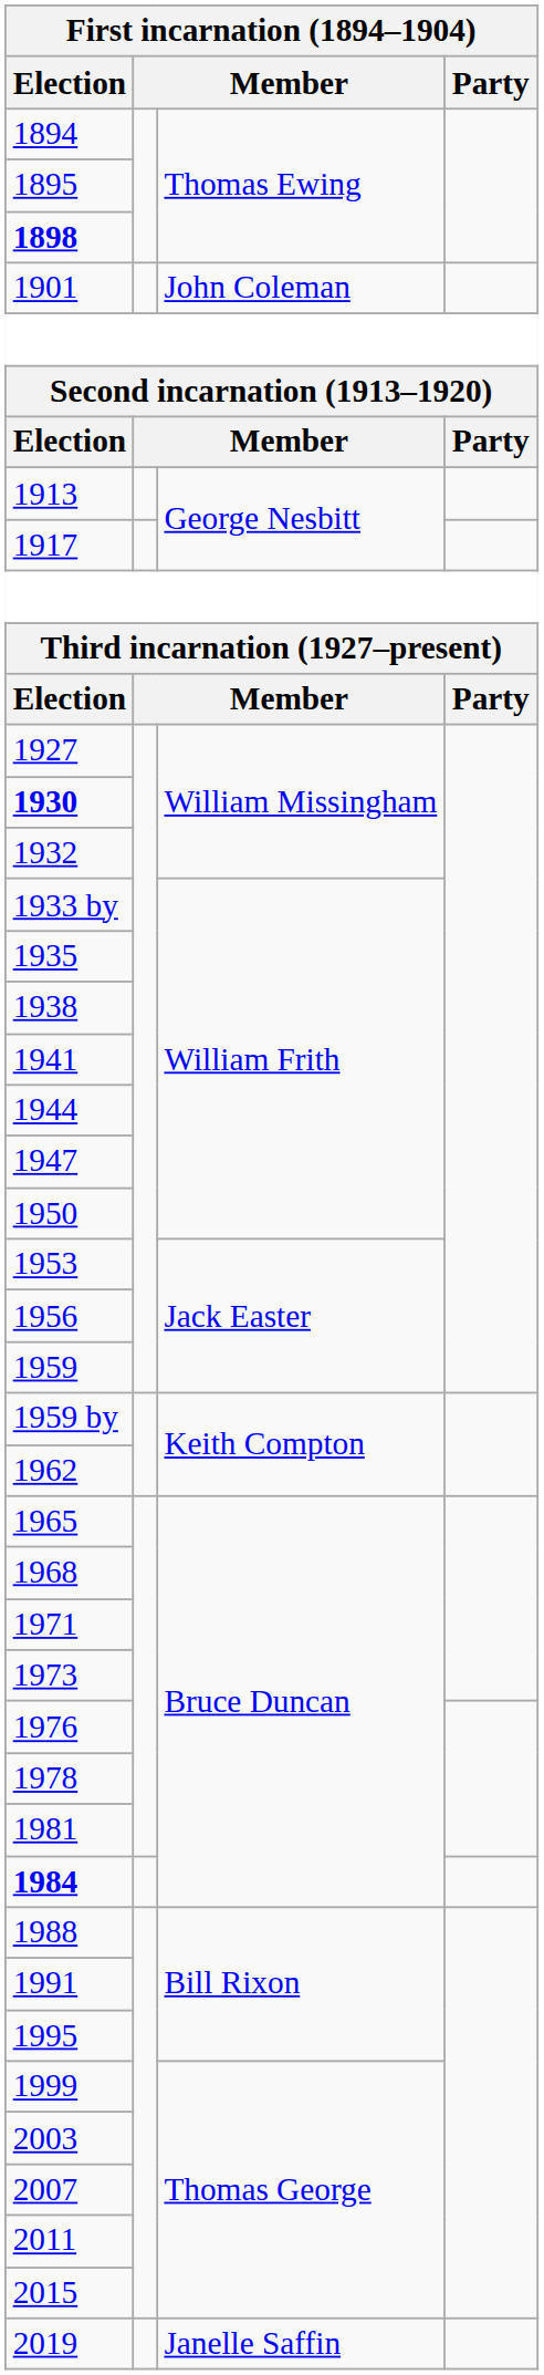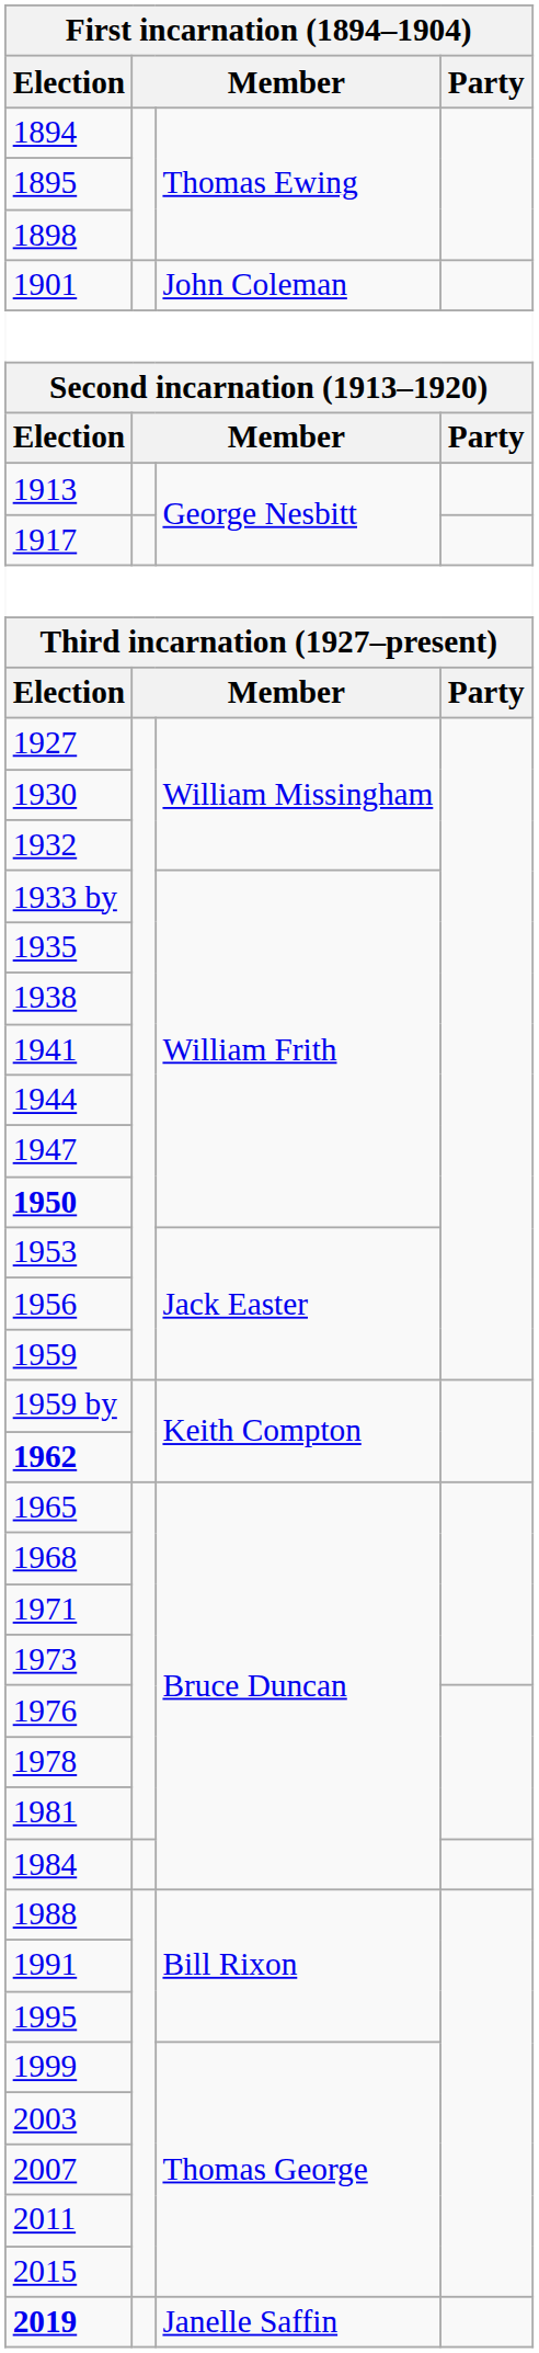 <table class="wikitable" style='border-style: none none none none;'>
 <tr>
 <th colspan="7">First incarnation (1894–1904)</th>
 </tr>
 <tr>
 <th>Election</th>
 <th colspan="2">Member</th>
 <th>Party</th>
 </tr>
 <tr style="background: #f9f9f9">
 <td><a href='#'>1894</a></td>
 <td rowspan="3" > </td>
 <td rowspan="3"><a href='#'>Thomas Ewing</a></td>
 <td rowspan="3"></td>
 </tr>
 <tr style="background: #f9f9f9">
 <td><a href='#'>1895</a></td>
 </tr>
 <tr style="background: #f9f9f9">
-<td><strong><a href='#'>1898</a></strong></td>
+<td><a href='#'>1898</a></td>
 </tr>
 <tr style="background: #f9f9f9">
 <td><a href='#'>1901</a></td>
 <td> </td>
 <td><a href='#'>John Coleman</a></td>
 <td></td>
 </tr>
 <tr>
 <td colspan="4" style='background: #FFFFFF; border-style: none none none none;'> </td>
 </tr>
 <tr>
 <th colspan="4">Second incarnation (1913–1920)</th>
 </tr>
 <tr style="background: #f9f9f9">
 <th>Election</th>
 <th colspan="2">Member</th>
 <th>Party</th>
 </tr>
 <tr style="background: #f9f9f9">
 <td><a href='#'>1913</a></td>
 <td> </td>
 <td rowspan="2"><a href='#'>George Nesbitt</a></td>
 <td></td>
 </tr>
 <tr style="background: #f9f9f9">
 <td><a href='#'>1917</a></td>
 <td> </td>
 <td></td>
 </tr>
 <tr>
 <td colspan="4" style='background: #FFFFFF; border-style: none none none none;'> </td>
 </tr>
 <tr>
 <th colspan="4">Third incarnation (1927–present)</th>
 </tr>
 <tr style="background: #f9f9f9">
 <th>Election</th>
 <th colspan="2">Member</th>
 <th>Party</th>
 </tr>
 <tr style="background: #f9f9f9">
 <td><a href='#'>1927</a></td>
 <td rowspan="13" > </td>
 <td rowspan="3"><a href='#'>William Missingham</a></td>
 <td rowspan="13"></td>
 </tr>
 <tr style="background: #f9f9f9">
-<td><strong><a href='#'>1930</a></strong></td>
+<td><a href='#'>1930</a></td>
 </tr>
 <tr style="background: #f9f9f9">
 <td><a href='#'>1932</a></td>
 </tr>
 <tr style="background: #f9f9f9">
 <td><a href='#'>1933 by</a></td>
 <td rowspan="7"><a href='#'>William Frith</a></td>
 </tr>
 <tr style="background: #f9f9f9">
 <td><a href='#'>1935</a></td>
 </tr>
 <tr style="background: #f9f9f9">
 <td><a href='#'>1938</a></td>
 </tr>
 <tr style="background: #f9f9f9">
 <td><a href='#'>1941</a></td>
 </tr>
 <tr style="background: #f9f9f9">
 <td><a href='#'>1944</a></td>
 </tr>
 <tr style="background: #f9f9f9">
 <td><a href='#'>1947</a></td>
 </tr>
 <tr style="background: #f9f9f9">
-<td><a href='#'>1950</a></td>
+<td><strong><a href='#'>1950</a></strong></td>
 </tr>
 <tr style="background: #f9f9f9">
 <td><a href='#'>1953</a></td>
 <td rowspan="3"><a href='#'>Jack Easter</a></td>
 </tr>
 <tr style="background: #f9f9f9">
 <td><a href='#'>1956</a></td>
 </tr>
 <tr style="background: #f9f9f9">
 <td><a href='#'>1959</a></td>
 </tr>
 <tr style="background: #f9f9f9">
 <td><a href='#'>1959 by</a></td>
 <td rowspan="2" > </td>
 <td rowspan="2"><a href='#'>Keith Compton</a></td>
 <td rowspan="2"></td>
 </tr>
 <tr style="background: #f9f9f9">
-<td><a href='#'>1962</a></td>
+<td><strong><a href='#'>1962</a></strong></td>
 </tr>
 <tr style="background: #f9f9f9">
 <td><a href='#'>1965</a></td>
 <td rowspan="7" > </td>
 <td rowspan="8"><a href='#'>Bruce Duncan</a></td>
 <td rowspan="4"></td>
 </tr>
 <tr style="background: #f9f9f9">
 <td><a href='#'>1968</a></td>
 </tr>
 <tr style="background: #f9f9f9">
 <td><a href='#'>1971</a></td>
 </tr>
 <tr style="background: #f9f9f9">
 <td><a href='#'>1973</a></td>
 </tr>
 <tr style="background: #f9f9f9">
 <td><a href='#'>1976</a></td>
 <td rowspan="3"></td>
 </tr>
 <tr style="background: #f9f9f9">
 <td><a href='#'>1978</a></td>
 </tr>
 <tr style="background: #f9f9f9">
 <td><a href='#'>1981</a></td>
 </tr>
 <tr style="background: #f9f9f9">
-<td><strong><a href='#'>1984</a></strong></td>
+<td><a href='#'>1984</a></td>
 <td> </td>
 <td></td>
 </tr>
 <tr style="background: #f9f9f9">
 <td><a href='#'>1988</a></td>
 <td rowspan="8" > </td>
 <td rowspan="3"><a href='#'>Bill Rixon</a></td>
 <td rowspan="8"></td>
 </tr>
 <tr style="background: #f9f9f9">
 <td><a href='#'>1991</a></td>
 </tr>
 <tr style="background: #f9f9f9">
 <td><a href='#'>1995</a></td>
 </tr>
 <tr style="background: #f9f9f9">
 <td><a href='#'>1999</a></td>
 <td rowspan="5"><a href='#'>Thomas George</a></td>
 </tr>
 <tr style="background: #f9f9f9">
 <td><a href='#'>2003</a></td>
 </tr>
 <tr style="background: #f9f9f9">
 <td><a href='#'>2007</a></td>
 </tr>
 <tr style="background: #f9f9f9">
 <td><a href='#'>2011</a></td>
 </tr>
 <tr style="background: #f9f9f9">
 <td><a href='#'>2015</a></td>
 </tr>
 <tr style="background: #f9f9f9">
-<td><a href='#'>2019</a></td>
+<td><strong><a href='#'>2019</a></strong></td>
 <td> </td>
 <td><a href='#'>Janelle Saffin</a></td>
 <td></td>
 </tr>
 </table>
